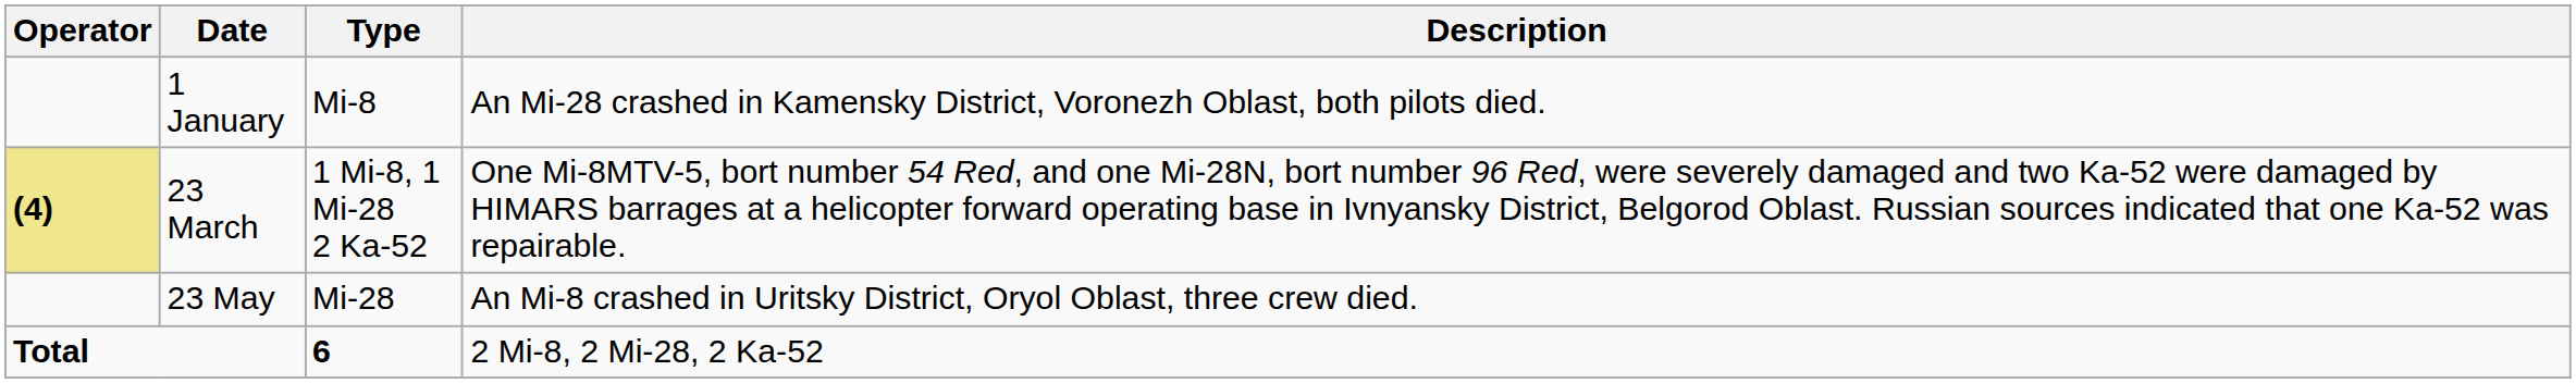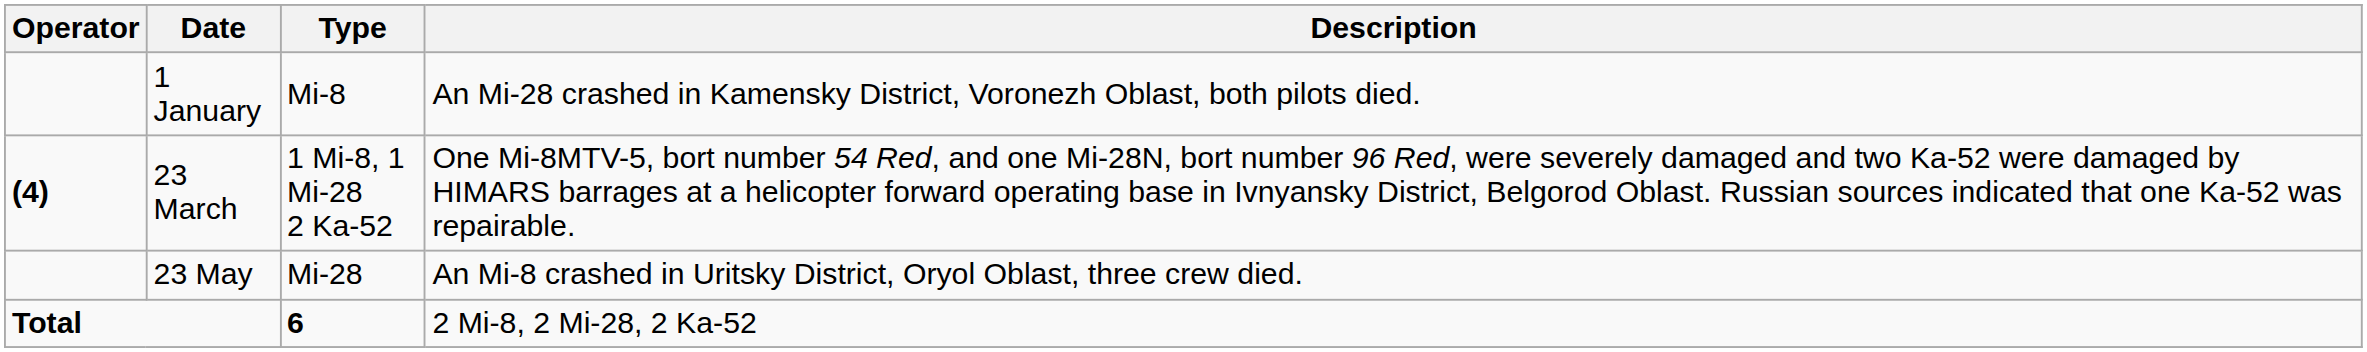 <table class="wikitable">
 <tr>
 <th>Operator</th>
 <th>Date</th>
 <th>Type</th>
 <th>Description</th>
 </tr>
 <tr>
 <td></td>
 <td>1 January</td>
 <td>Mi-8</td>
 <td>An Mi-28 crashed in Kamensky District, Voronezh Oblast, both pilots died.</td>
 </tr>
 <tr>
-<td style="background: khaki;"> <strong>(4)</strong></td>
+<td> <strong>(4)</strong></td>
 <td>23 March</td>
 <td>1 Mi-8, 1 Mi-28<br>2 Ka-52</td>
 <td>One Mi-8MTV-5, bort number <em>54 Red</em>, and one Mi-28N, bort number <em>96 Red</em>, were severely damaged and two Ka-52 were damaged by HIMARS barrages at a helicopter forward operating base in Ivnyansky District, Belgorod Oblast. Russian sources indicated that one Ka-52 was repairable.</td>
 </tr>
 <tr>
 <td></td>
 <td>23 May</td>
 <td>Mi-28</td>
 <td>An Mi-8 crashed in Uritsky District, Oryol Oblast, three crew died.</td>
 </tr>
 <tr>
 <td colspan="2"><strong>Total</strong></td>
 <td><strong>6</strong></td>
 <td>2 Mi-8, 2 Mi-28, 2 Ka-52</td>
 </tr>
 </table>
